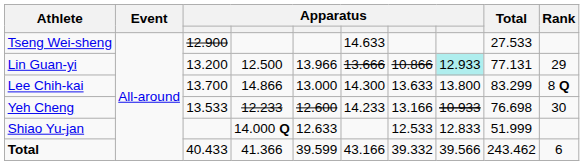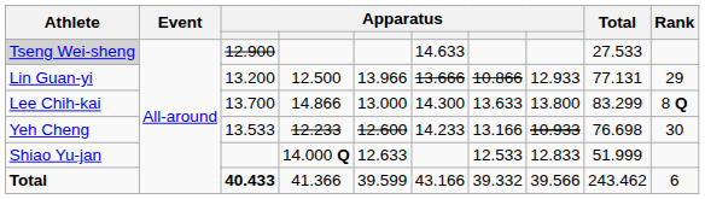 <table class="wikitable" style="font-size:90%; text-align:center">
 <tr>
 <th rowspan="2">Athlete</th>
 <th rowspan="2">Event</th>
 <th colspan="6">Apparatus</th>
 <th rowspan="2">Total</th>
 <th rowspan="2">Rank</th>
 </tr>
 <tr>
 <th></th>
 <th></th>
 <th></th>
 <th></th>
 <th></th>
 <th></th>
 </tr>
 <tr>
-<td align="left"><a href='#'>Tseng Wei-sheng</a></td>
+<td align="left" style="background: lightgrey;"><a href='#'>Tseng Wei-sheng</a></td>
 <td align="left" rowspan="6"><a href='#'>All-around</a></td>
 <td><s>12.900</s></td>
 <td></td>
 <td></td>
 <td>14.633</td>
 <td></td>
 <td></td>
 <td>27.533</td>
 <td></td>
 </tr>
 <tr>
 <td align="left"><a href='#'>Lin Guan-yi</a></td>
 <td>13.200</td>
 <td>12.500</td>
 <td>13.966</td>
 <td><s>13.666</s></td>
 <td><s>10.866</s></td>
-<td style="background: paleturquoise;">12.933</td>
+<td>12.933</td>
 <td>77.131</td>
 <td>29</td>
 </tr>
 <tr>
 <td align="left"><a href='#'>Lee Chih-kai</a></td>
 <td>13.700</td>
 <td>14.866</td>
 <td>13.000</td>
 <td>14.300</td>
 <td>13.633</td>
 <td>13.800</td>
 <td>83.299</td>
 <td>8 <strong>Q</strong></td>
 </tr>
 <tr>
 <td align="left"><a href='#'>Yeh Cheng</a></td>
 <td>13.533</td>
 <td><s>12.233</s></td>
 <td><s>12.600</s></td>
 <td>14.233</td>
 <td>13.166</td>
 <td><s><s>10.933</s></s></td>
 <td>76.698</td>
 <td>30</td>
 </tr>
 <tr>
 <td align="left"><a href='#'>Shiao Yu-jan</a></td>
 <td></td>
 <td>14.000 <strong>Q</strong></td>
 <td>12.633</td>
 <td></td>
 <td>12.533</td>
 <td>12.833</td>
 <td>51.999</td>
 <td></td>
 </tr>
 <tr>
 <td align="left"><strong>Total</strong></td>
-<td>40.433</td>
+<td><strong>40.433</strong></td>
 <td>41.366</td>
 <td>39.599</td>
 <td>43.166</td>
 <td>39.332</td>
 <td>39.566</td>
 <td>243.462</td>
 <td>6</td>
 </tr>
 </table>
